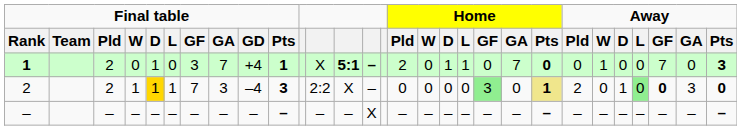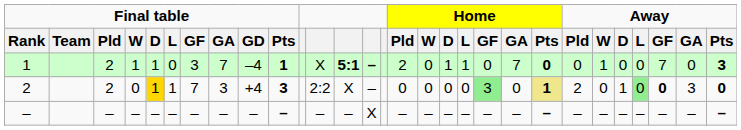 <table class="wikitable">
 <tr>
 <td colspan=10 align=center><strong>Final table</strong></td>
 <td colspan=5></td>
 <td colspan=7 align=center bgcolor=yellow><strong>Home</strong></td>
 <td colspan=7 align=center><strong>Away</strong></td>
 </tr>
 <tr>
 <th bgcolor="#efefef">Rank</th>
 <th bgcolor="#efefef" width="160">Team</th>
 <th bgcolor="#efefef" width="20">Pld</th>
 <th bgcolor="#efefef" width="20">W</th>
 <th bgcolor="#efefef" width="20">D</th>
 <th bgcolor="#efefef" width="20">L</th>
 <th bgcolor="#efefef" width="20">GF</th>
 <th bgcolor="#efefef" width="20">GA</th>
 <th bgcolor="#efefef" width="20">GD</th>
 <th bgcolor="#efefef" width="20">Pts</th>
 <th bgcolor="#efefef"></th>
 <th bgcolor="#efefef" width="20"></th>
 <th bgcolor="#efefef" width="20"></th>
 <th bgcolor="#efefef" width="20"></th>
 <th bgcolor="#efefef"></th>
 <th bgcolor="#efefef" width="20">Pld</th>
 <th bgcolor="#efefef" width="20">W</th>
 <th bgcolor="#efefef" width="20">D</th>
 <th bgcolor="#efefef" width="20">L</th>
 <th bgcolor="#efefef" width="20">GF</th>
 <th bgcolor="#efefef" width="20">GA</th>
 <th bgcolor="#efefef" width="20">Pts</th>
 <th bgcolor="#efefef" width="20">Pld</th>
 <th bgcolor="#efefef" width="20">W</th>
 <th bgcolor="#efefef" width="20">D</th>
 <th bgcolor="#efefef" width="20">L</th>
 <th bgcolor="#efefef" width="20">GF</th>
 <th bgcolor="#efefef" width="20">GA</th>
 <th bgcolor="#efefef" width="20">Pts</th>
 </tr>
 <tr align=center bgcolor=#ccffcc>
-<td><strong>1</strong></td>
+<td>1</td>
 <td align=left></td>
 <td>2</td>
-<td>0</td>
+<td>1</td>
 <td>1</td>
 <td>0</td>
 <td>3</td>
 <td>7</td>
-<td>+4</td>
+<td>–4</td>
 <td><strong>1</strong></td>
 <td></td>
 <td>X</td>
 <td><strong>5:1</strong></td>
 <td><strong>–</strong></td>
 <td></td>
 <td>2</td>
 <td>0</td>
 <td>1</td>
 <td>1</td>
 <td>0</td>
 <td>7</td>
 <td><strong>0</strong></td>
 <td>0</td>
 <td>1</td>
 <td>0</td>
 <td>0</td>
 <td>7</td>
 <td>0</td>
 <td><strong>3</strong></td>
 </tr>
 <tr align=center>
 <td>2</td>
 <td align=left></td>
 <td>2</td>
-<td>1</td>
+<td>0</td>
 <td style="background: gold;">1</td>
 <td>1</td>
 <td>7</td>
 <td>3</td>
-<td>–4</td>
+<td>+4</td>
 <td><strong>3</strong></td>
 <td></td>
 <td>2:2</td>
 <td>X</td>
 <td>–</td>
 <td></td>
 <td>0</td>
 <td>0</td>
 <td>0</td>
 <td>0</td>
 <td style="background: lightgreen;">3</td>
 <td>0</td>
 <td style="background: khaki;"><strong>1</strong></td>
 <td>2</td>
 <td>0</td>
 <td>1</td>
 <td style="background: lightgreen;">0</td>
 <td><strong>0</strong></td>
 <td>3</td>
 <td><strong>0</strong></td>
 </tr>
 <tr align=center>
 <td>–</td>
 <td align=left></td>
 <td>–</td>
 <td>–</td>
 <td>–</td>
 <td>–</td>
 <td>–</td>
 <td>–</td>
 <td>–</td>
 <td><strong>–</strong></td>
 <td></td>
 <td>–</td>
 <td>–</td>
 <td>X</td>
 <td></td>
 <td>–</td>
 <td>–</td>
 <td>–</td>
 <td>–</td>
 <td>–</td>
 <td>–</td>
 <td><strong>–</strong></td>
 <td>–</td>
 <td>–</td>
 <td>–</td>
 <td>–</td>
 <td>–</td>
 <td>–</td>
 <td><strong>–</strong></td>
 </tr>
 </table>
